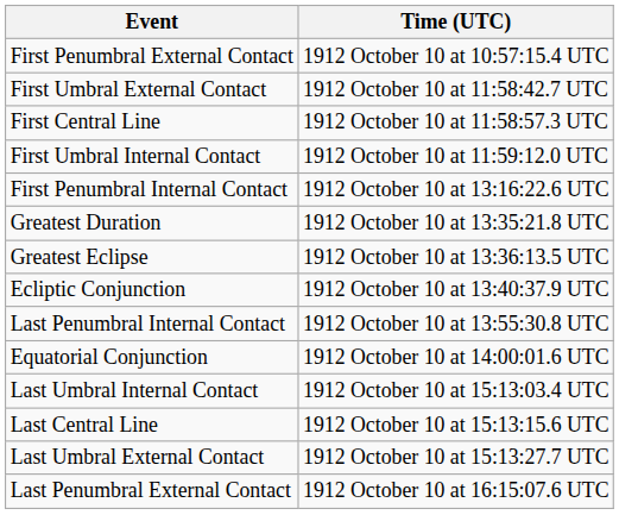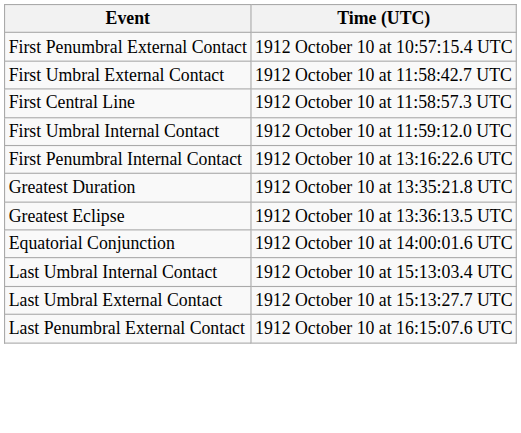 <table class="wikitable">
 <tr>
 <th>Event</th>
 <th>Time (UTC)</th>
 </tr>
 <tr>
 <td>First Penumbral External Contact</td>
 <td>1912 October 10 at 10:57:15.4 UTC</td>
 </tr>
 <tr>
 <td>First Umbral External Contact</td>
 <td>1912 October 10 at 11:58:42.7 UTC</td>
 </tr>
 <tr>
 <td>First Central Line</td>
 <td>1912 October 10 at 11:58:57.3 UTC</td>
 </tr>
 <tr>
 <td>First Umbral Internal Contact</td>
 <td>1912 October 10 at 11:59:12.0 UTC</td>
 </tr>
 <tr>
 <td>First Penumbral Internal Contact</td>
 <td>1912 October 10 at 13:16:22.6 UTC</td>
 </tr>
 <tr>
 <td>Greatest Duration</td>
 <td>1912 October 10 at 13:35:21.8 UTC</td>
 </tr>
 <tr>
 <td>Greatest Eclipse</td>
 <td>1912 October 10 at 13:36:13.5 UTC</td>
 </tr>
 <tr>
-<td>Ecliptic Conjunction</td>
-<td>1912 October 10 at 13:40:37.9 UTC</td>
-</tr>
-<tr>
-<td>Last Penumbral Internal Contact</td>
-<td>1912 October 10 at 13:55:30.8 UTC</td>
-</tr>
-<tr>
 <td>Equatorial Conjunction</td>
 <td>1912 October 10 at 14:00:01.6 UTC</td>
 </tr>
 <tr>
 <td>Last Umbral Internal Contact</td>
 <td>1912 October 10 at 15:13:03.4 UTC</td>
-</tr>
-<tr>
-<td>Last Central Line</td>
-<td>1912 October 10 at 15:13:15.6 UTC</td>
 </tr>
 <tr>
 <td>Last Umbral External Contact</td>
 <td>1912 October 10 at 15:13:27.7 UTC</td>
 </tr>
 <tr>
 <td>Last Penumbral External Contact</td>
 <td>1912 October 10 at 16:15:07.6 UTC</td>
 </tr>
 </table>
